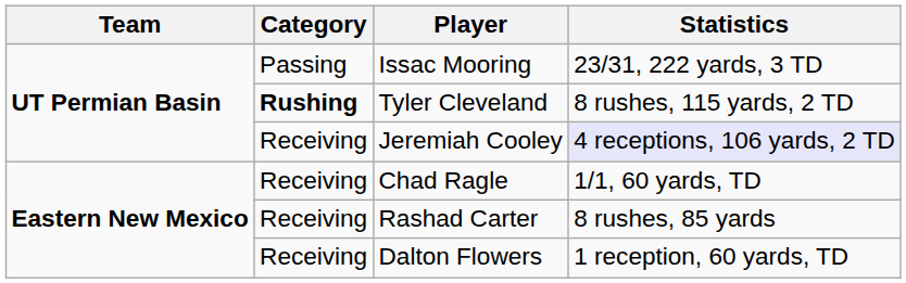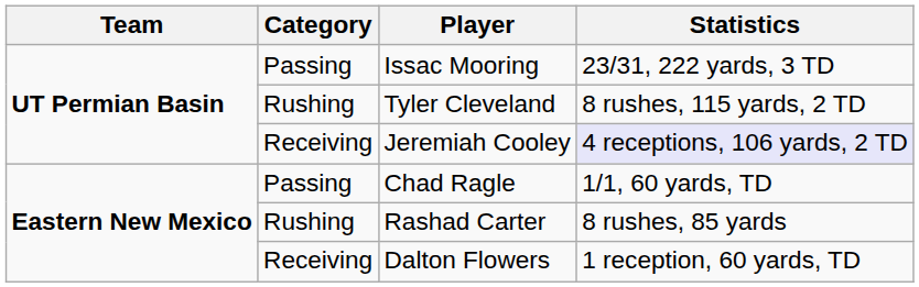 <table class="wikitable" style="float: right;">
 <tr>
 <th>Team</th>
 <th>Category</th>
 <th>Player</th>
 <th>Statistics</th>
 </tr>
 <tr>
 <td rowspan=3><strong>UT Permian Basin</strong></td>
 <td>Passing</td>
 <td>Issac Mooring</td>
 <td>23/31, 222 yards, 3 TD</td>
 </tr>
 <tr>
-<td><strong>Rushing</strong></td>
+<td>Rushing</td>
 <td>Tyler Cleveland</td>
 <td>8 rushes, 115 yards, 2 TD</td>
 </tr>
 <tr>
 <td>Receiving</td>
 <td>Jeremiah Cooley</td>
 <td style="background: lavender;">4 receptions, 106 yards, 2 TD</td>
 </tr>
 <tr>
 <td rowspan=3><strong>Eastern New Mexico</strong></td>
-<td>Receiving</td>
+<td>Passing</td>
 <td>Chad Ragle</td>
 <td>1/1, 60 yards, TD</td>
 </tr>
 <tr>
-<td>Receiving</td>
+<td>Rushing</td>
 <td>Rashad Carter</td>
 <td>8 rushes, 85 yards</td>
 </tr>
 <tr>
 <td>Receiving</td>
 <td>Dalton Flowers</td>
 <td>1 reception, 60 yards, TD</td>
 </tr>
 </table>
